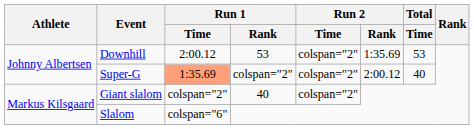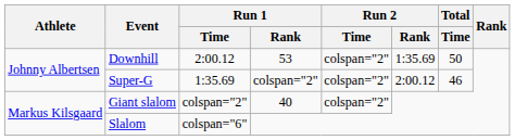 <table class="wikitable" style="font-size:90%;text-align:center;">
 <tr>
 <th rowspan="2">Athlete</th>
 <th rowspan="2">Event</th>
 <th colspan="2">Run 1</th>
 <th colspan="2">Run 2</th>
 <th>Total</th>
 <th rowspan="2">Rank</th>
 </tr>
 <tr>
 <th>Time</th>
 <th>Rank</th>
 <th>Time</th>
 <th>Rank</th>
 <th>Time</th>
 </tr>
 <tr>
 <td rowspan="2" style="text-align:left;"><a href='#'>Johnny Albertsen</a></td>
 <td style="text-align:left;"><a href='#'>Downhill</a></td>
 <td>2:00.12</td>
 <td>53</td>
 <td>colspan="2" </td>
 <td>1:35.69</td>
-<td>53</td>
+<td>50</td>
 </tr>
 <tr>
 <td style="text-align:left;"><a href='#'>Super-G</a></td>
-<td style="background: lightsalmon;">1:35.69</td>
+<td>1:35.69</td>
 <td>colspan="2" </td>
 <td>colspan="2" </td>
 <td>2:00.12</td>
-<td>40</td>
+<td>46</td>
 </tr>
 <tr>
 <td rowspan="2" style="text-align:left;"><a href='#'>Markus Kilsgaard</a></td>
 <td style="text-align:left;"><a href='#'>Giant slalom</a></td>
 <td>colspan="2" </td>
 <td>40</td>
 <td>colspan="2" </td>
 </tr>
 <tr>
 <td style="text-align:left;"><a href='#'>Slalom</a></td>
 <td>colspan="6" </td>
 </tr>
 </table>
